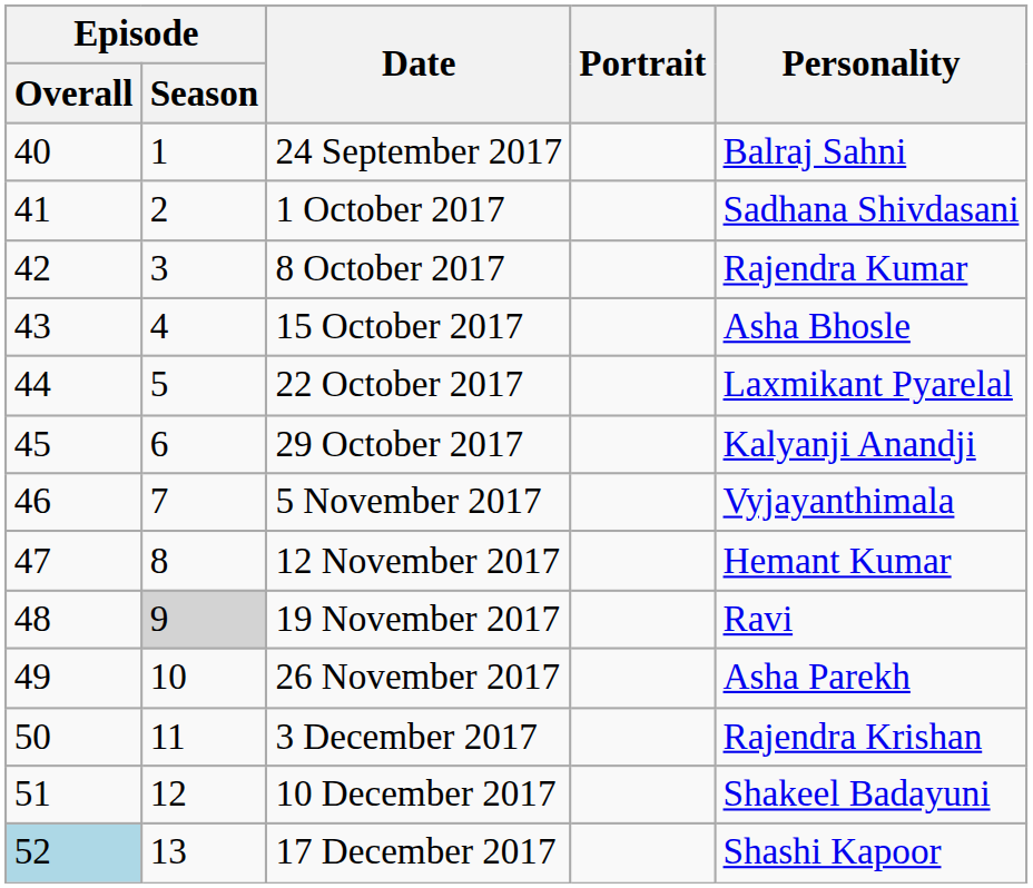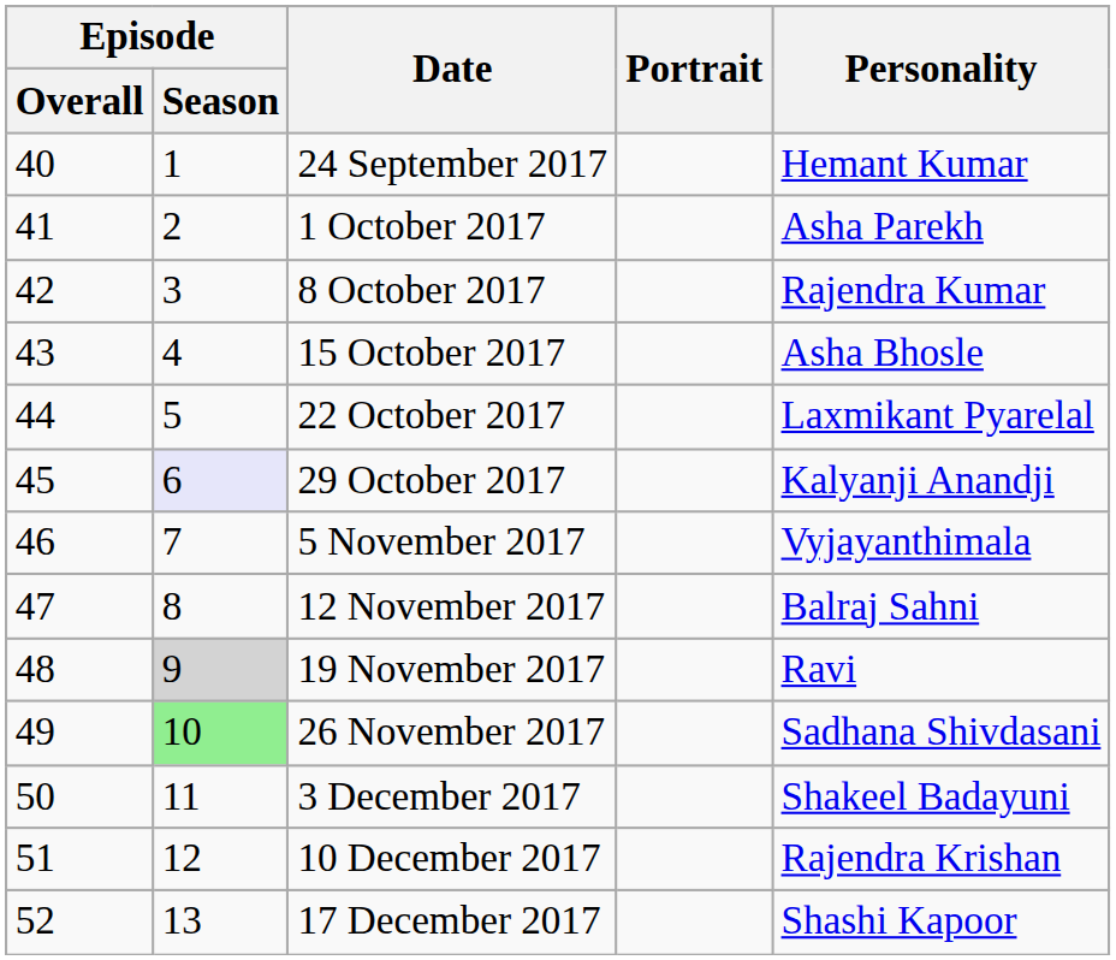 <table class="wikitable">
 <tr>
 <th colspan="2" scope="col">Episode</th>
 <th scope="col" rowspan="2">Date</th>
 <th scope="col" rowspan="2">Portrait</th>
 <th scope="col" rowspan="2">Personality</th>
 </tr>
 <tr>
 <th scope="col">Overall</th>
 <th scope="col">Season</th>
 </tr>
 <tr>
 <td>40</td>
 <td>1</td>
 <td>24 September 2017</td>
 <td></td>
-<td><a href='#'>Balraj Sahni</a></td>
+<td><a href='#'>Hemant Kumar</a></td>
 </tr>
 <tr>
 <td>41</td>
 <td>2</td>
 <td>1 October 2017</td>
 <td></td>
-<td><a href='#'>Sadhana Shivdasani</a></td>
+<td><a href='#'>Asha Parekh</a></td>
 </tr>
 <tr>
 <td>42</td>
 <td>3</td>
 <td>8 October 2017</td>
 <td></td>
 <td><a href='#'>Rajendra Kumar</a></td>
 </tr>
 <tr>
 <td>43</td>
 <td>4</td>
 <td>15 October 2017</td>
 <td></td>
 <td><a href='#'>Asha Bhosle</a></td>
 </tr>
 <tr>
 <td>44</td>
 <td>5</td>
 <td>22 October 2017</td>
 <td></td>
 <td><a href='#'>Laxmikant Pyarelal</a></td>
 </tr>
 <tr>
 <td>45</td>
-<td>6</td>
+<td style="background: lavender;">6</td>
 <td>29 October 2017</td>
 <td></td>
 <td><a href='#'>Kalyanji Anandji</a></td>
 </tr>
 <tr>
 <td>46</td>
 <td>7</td>
 <td>5 November 2017</td>
 <td></td>
 <td><a href='#'>Vyjayanthimala</a></td>
 </tr>
 <tr>
 <td>47</td>
 <td>8</td>
 <td>12 November 2017</td>
 <td></td>
-<td><a href='#'>Hemant Kumar</a></td>
+<td><a href='#'>Balraj Sahni</a></td>
 </tr>
 <tr>
 <td>48</td>
 <td style="background: lightgrey;">9</td>
 <td>19 November 2017</td>
 <td></td>
 <td><a href='#'>Ravi</a></td>
 </tr>
 <tr>
 <td>49</td>
-<td>10</td>
+<td style="background: lightgreen;">10</td>
 <td>26 November 2017</td>
 <td></td>
-<td><a href='#'>Asha Parekh</a></td>
+<td><a href='#'>Sadhana Shivdasani</a></td>
 </tr>
 <tr>
 <td>50</td>
 <td>11</td>
 <td>3 December 2017</td>
 <td></td>
-<td><a href='#'>Rajendra Krishan</a></td>
+<td><a href='#'>Shakeel Badayuni</a></td>
 </tr>
 <tr>
 <td>51</td>
 <td>12</td>
 <td>10 December 2017</td>
 <td></td>
-<td><a href='#'>Shakeel Badayuni</a></td>
+<td><a href='#'>Rajendra Krishan</a></td>
 </tr>
 <tr>
-<td style="background: lightblue;">52</td>
+<td>52</td>
 <td>13</td>
 <td>17 December 2017</td>
 <td></td>
 <td><a href='#'>Shashi Kapoor</a></td>
 </tr>
 </table>
